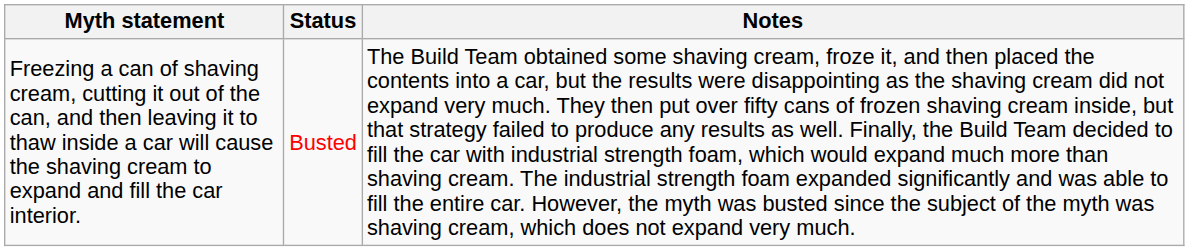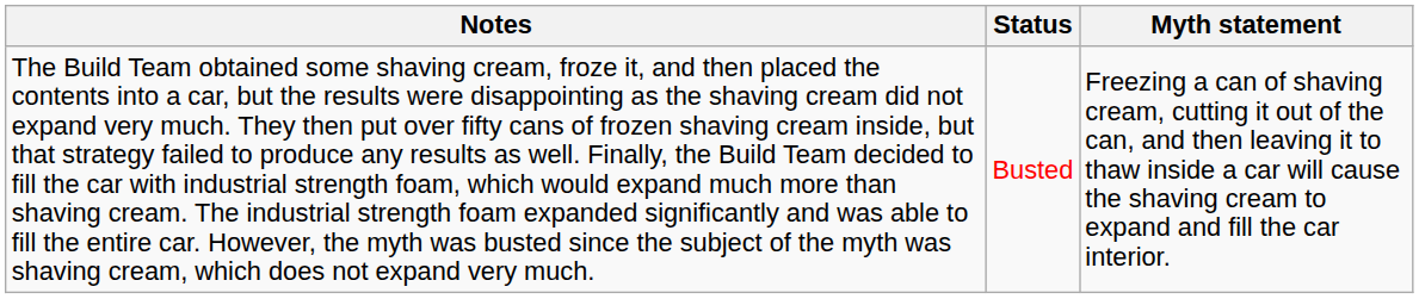 <table class="wikitable plainrowheaders">
 <tr>
+<th>Notes</th>
+<th>Status</th>
 <th>Myth statement</th>
-<th>Status</th>
-<th>Notes</th>
 </tr>
 <tr>
+<td>The Build Team obtained some shaving cream, froze it, and then placed the contents into a car, but the results were disappointing as the shaving cream did not expand very much. They then put over fifty cans of frozen shaving cream inside, but that strategy failed to produce any results as well. Finally, the Build Team decided to fill the car with industrial strength foam, which would expand much more than shaving cream. The industrial strength foam expanded significantly and was able to fill the entire car. However, the myth was busted since the subject of the myth was shaving cream, which does not expand very much.</td>
+<td style="color:red">Busted</td>
 <td>Freezing a can of shaving cream, cutting it out of the can, and then leaving it to thaw inside a car will cause the shaving cream to expand and fill the car interior.</td>
-<td style="color:red">Busted</td>
-<td>The Build Team obtained some shaving cream, froze it, and then placed the contents into a car, but the results were disappointing as the shaving cream did not expand very much. They then put over fifty cans of frozen shaving cream inside, but that strategy failed to produce any results as well. Finally, the Build Team decided to fill the car with industrial strength foam, which would expand much more than shaving cream. The industrial strength foam expanded significantly and was able to fill the entire car. However, the myth was busted since the subject of the myth was shaving cream, which does not expand very much.</td>
 </tr>
 </table>
